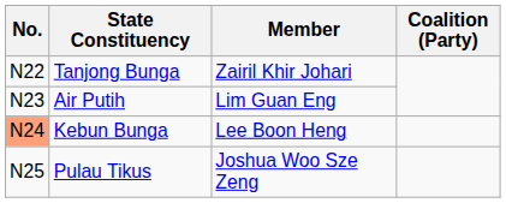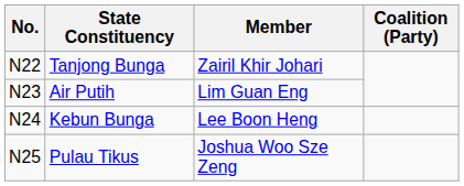 <table class="wikitable">
 <tr>
 <th width="30">No.</th>
 <th width="130">State Constituency</th>
 <th width="150">Member</th>
 <th width="80">Coalition (Party)</th>
 </tr>
 <tr>
 <td>N22</td>
 <td><a href='#'>Tanjong Bunga</a></td>
 <td><a href='#'>Zairil Khir Johari</a></td>
 <td rowspan=2></td>
 </tr>
 <tr>
 <td>N23</td>
 <td><a href='#'>Air Putih</a></td>
 <td><a href='#'>Lim Guan Eng</a></td>
 </tr>
 <tr>
-<td style="background: lightsalmon;">N24</td>
+<td>N24</td>
 <td><a href='#'>Kebun Bunga</a></td>
 <td><a href='#'>Lee Boon Heng</a></td>
 <td></td>
 </tr>
 <tr>
 <td>N25</td>
 <td><a href='#'>Pulau Tikus</a></td>
 <td><a href='#'>Joshua Woo Sze Zeng</a></td>
 <td></td>
 </tr>
 </table>
